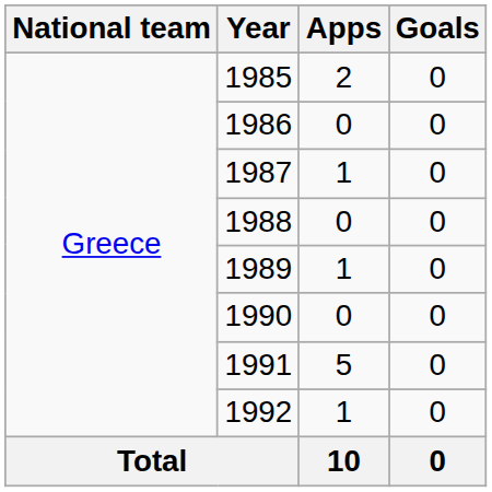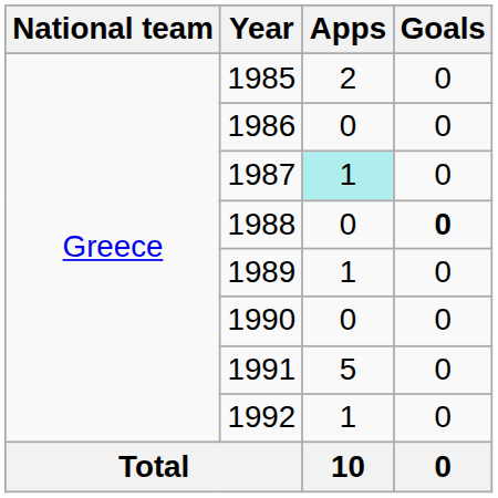 <table class="wikitable" style="text-align:center">
 <tr>
 <th>National team</th>
 <th>Year</th>
 <th>Apps</th>
 <th>Goals</th>
 </tr>
 <tr>
 <td rowspan=8><a href='#'>Greece</a></td>
 <td>1985</td>
 <td>2</td>
 <td>0</td>
 </tr>
 <tr>
 <td>1986</td>
 <td>0</td>
 <td>0</td>
 </tr>
 <tr>
 <td>1987</td>
-<td>1</td>
+<td style="background: paleturquoise;">1</td>
 <td>0</td>
 </tr>
 <tr>
 <td>1988</td>
 <td>0</td>
-<td>0</td>
+<td><strong>0</strong></td>
 </tr>
 <tr>
 <td>1989</td>
 <td>1</td>
 <td>0</td>
 </tr>
 <tr>
 <td>1990</td>
 <td>0</td>
 <td>0</td>
 </tr>
 <tr>
 <td>1991</td>
 <td>5</td>
 <td>0</td>
 </tr>
 <tr>
 <td>1992</td>
 <td>1</td>
 <td>0</td>
 </tr>
 <tr>
 <th colspan=2>Total</th>
 <th>10</th>
 <th>0</th>
 </tr>
 </table>
